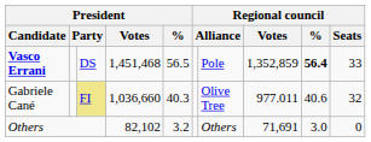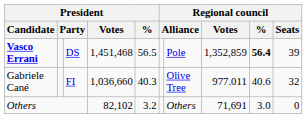 <table class="wikitable" style="text-align:right; style="width=65%">
 <tr>
 <th colspan="5">President</th>
 <th colspan="7">Regional council</th>
 </tr>
 <tr>
 <th>Candidate</th>
 <th colspan="2">Party</th>
 <th>Votes</th>
 <th>%</th>
 <th colspan="2">Alliance</th>
 <th>Votes</th>
 <th>%</th>
 <th>Seats</th>
 </tr>
 <tr>
 <td style="text-align:left"><strong><a href='#'>Vasco Errani</a></strong></td>
 <td></td>
 <td style="text-align:left"><a href='#'>DS</a></td>
 <td>1,451,468</td>
 <td>56.5</td>
 <td></td>
 <td style="text-align:left"><a href='#'>Pole</a></td>
 <td>1,352,859</td>
 <td><strong>56.4</strong></td>
-<td>33</td>
+<td>39</td>
 </tr>
 <tr>
 <td style="text-align:left">Gabriele Cané</td>
 <td></td>
-<td style="background: khaki; text-align:left"><a href='#'>FI</a></td>
+<td style="text-align:left"><a href='#'>FI</a></td>
 <td>1,036,660</td>
 <td>40.3</td>
 <td></td>
 <td style="text-align:left"><a href='#'>Olive Tree</a></td>
 <td>977.011</td>
 <td>40.6</td>
 <td>32</td>
 </tr>
 <tr>
 <td colspan="3" style="text-align:left"><em>Others</em></td>
 <td>82,102</td>
 <td>3.2</td>
 <td></td>
 <td style="text-align:left"><em>Others</em></td>
 <td>71,691</td>
 <td>3.0</td>
 <td>0</td>
 </tr>
 </table>
